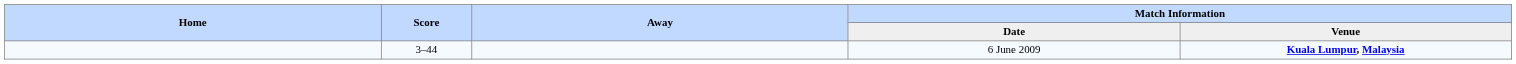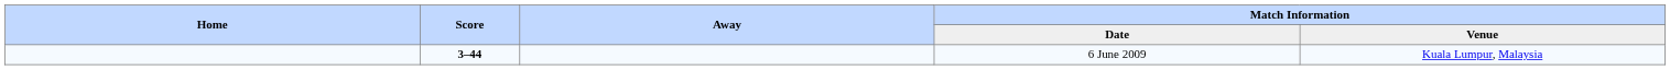 <table border=1 style="border-collapse:collapse; font-size:90%; text-align:center;" cellpadding=3 cellspacing=0 width=100%>
 <tr bgcolor=#C1D8FF>
 <th rowspan=2 width=25%>Home</th>
 <th rowspan=2 width=6%>Score</th>
 <th rowspan=2 width=25%>Away</th>
 <th colspan=6>Match Information</th>
 </tr>
 <tr bgcolor=#EFEFEF>
 <th width=22%>Date</th>
 <th width=22%>Venue</th>
 </tr>
 <tr bgcolor=#F5FAFF>
 <td align=right></td>
-<td>3–44</td>
+<td><strong>3–44</strong></td>
 <td align=left><strong></strong></td>
 <td>6 June 2009</td>
-<td><strong><a href='#'>Kuala Lumpur</a>, <a href='#'>Malaysia</a></strong></td>
+<td><a href='#'>Kuala Lumpur</a>, <a href='#'>Malaysia</a></td>
 </tr>
 </table>
